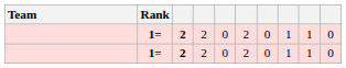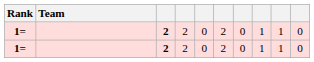 <table class="wikitable" style="text-align:center">
 <tr>
+<th width=30>Rank</th>
 <th width=165 style="text-align:left">Team</th>
-<th width=30>Rank</th>
 <th width=20></th>
 <th width=20></th>
 <th width=20></th>
 <th width=20></th>
 <th width=20></th>
 <th width=20></th>
 <th width=20></th>
 <th width=20></th>
 </tr>
 <tr bgcolor="#ffdddd">
+<td><strong>1=</strong></td>
 <td align="left"></td>
-<td><strong>1=</strong></td>
 <td><strong>2</strong></td>
 <td>2</td>
 <td>0</td>
 <td>2</td>
 <td>0</td>
 <td>1</td>
 <td>1</td>
 <td>0</td>
 </tr>
 <tr bgcolor="#ffdddd">
+<td><strong>1=</strong></td>
 <td align="left"></td>
-<td><strong>1=</strong></td>
 <td><strong>2</strong></td>
 <td>2</td>
 <td>0</td>
 <td>2</td>
 <td>0</td>
 <td>1</td>
 <td>1</td>
 <td>0</td>
 </tr>
 </table>
